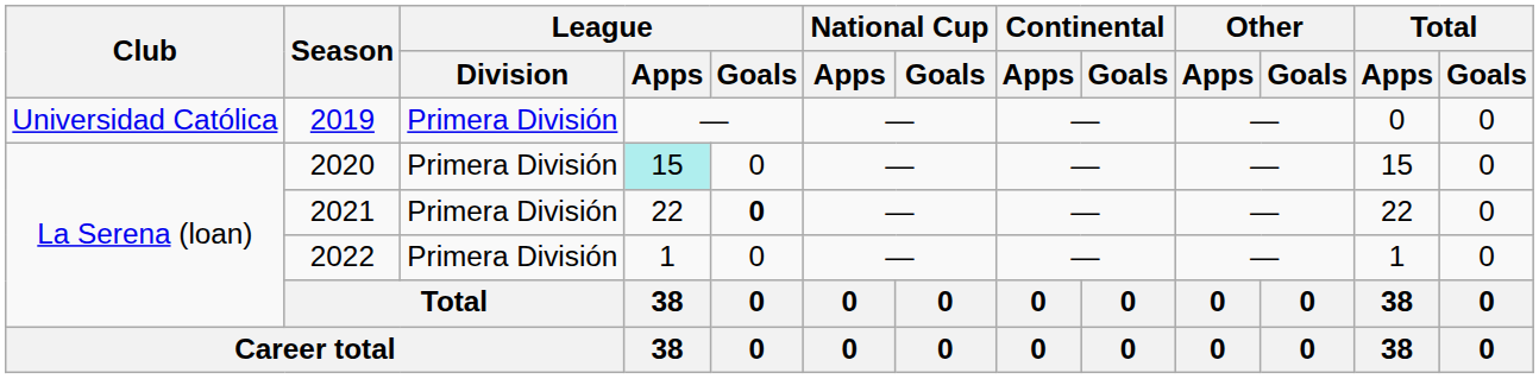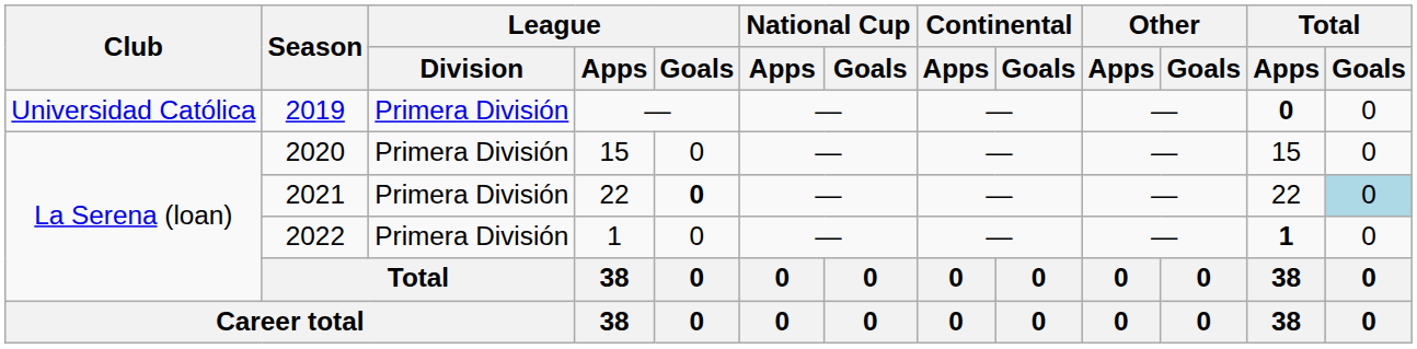 <table class="wikitable" style="text-align: center;">
 <tr>
 <th rowspan="2">Club</th>
 <th rowspan="2">Season</th>
 <th colspan="3">League</th>
 <th colspan="2">National Cup</th>
 <th colspan="2">Continental</th>
 <th colspan="2">Other</th>
 <th colspan="2">Total</th>
 </tr>
 <tr>
 <th>Division</th>
 <th>Apps</th>
 <th>Goals</th>
 <th>Apps</th>
 <th>Goals</th>
 <th>Apps</th>
 <th>Goals</th>
 <th>Apps</th>
 <th>Goals</th>
 <th>Apps</th>
 <th>Goals</th>
 </tr>
 <tr>
 <td><a href='#'>Universidad Católica</a></td>
 <td><a href='#'>2019</a></td>
 <td><a href='#'>Primera División</a></td>
 <td colspan="2">—</td>
 <td colspan="2">—</td>
 <td colspan="2">—</td>
 <td colspan="2">—</td>
-<td>0</td>
+<td><strong>0</strong></td>
 <td>0</td>
 </tr>
 <tr>
 <td rowspan="4"><a href='#'>La Serena</a> (loan)</td>
 <td>2020</td>
 <td>Primera División</td>
-<td style="background: paleturquoise;">15</td>
+<td>15</td>
 <td>0</td>
 <td colspan="2">—</td>
 <td colspan="2">—</td>
 <td colspan="2">—</td>
 <td>15</td>
 <td>0</td>
 </tr>
 <tr>
 <td>2021</td>
 <td>Primera División</td>
 <td>22</td>
 <td><strong>0</strong></td>
 <td colspan="2">—</td>
 <td colspan="2">—</td>
 <td colspan="2">—</td>
 <td>22</td>
-<td>0</td>
+<td style="background: lightblue;">0</td>
 </tr>
 <tr>
 <td>2022</td>
 <td>Primera División</td>
 <td>1</td>
 <td>0</td>
 <td colspan="2">—</td>
 <td colspan="2">—</td>
 <td colspan="2">—</td>
-<td>1</td>
+<td><strong>1</strong></td>
 <td>0</td>
 </tr>
 <tr>
 <th colspan="2">Total</th>
 <th>38</th>
 <th>0</th>
 <th>0</th>
 <th>0</th>
 <th>0</th>
 <th>0</th>
 <th>0</th>
 <th>0</th>
 <th>38</th>
 <th>0</th>
 </tr>
 <tr>
 <th colspan="3">Career total</th>
 <th>38</th>
 <th>0</th>
 <th>0</th>
 <th>0</th>
 <th>0</th>
 <th>0</th>
 <th>0</th>
 <th>0</th>
 <th>38</th>
 <th>0</th>
 </tr>
 </table>
